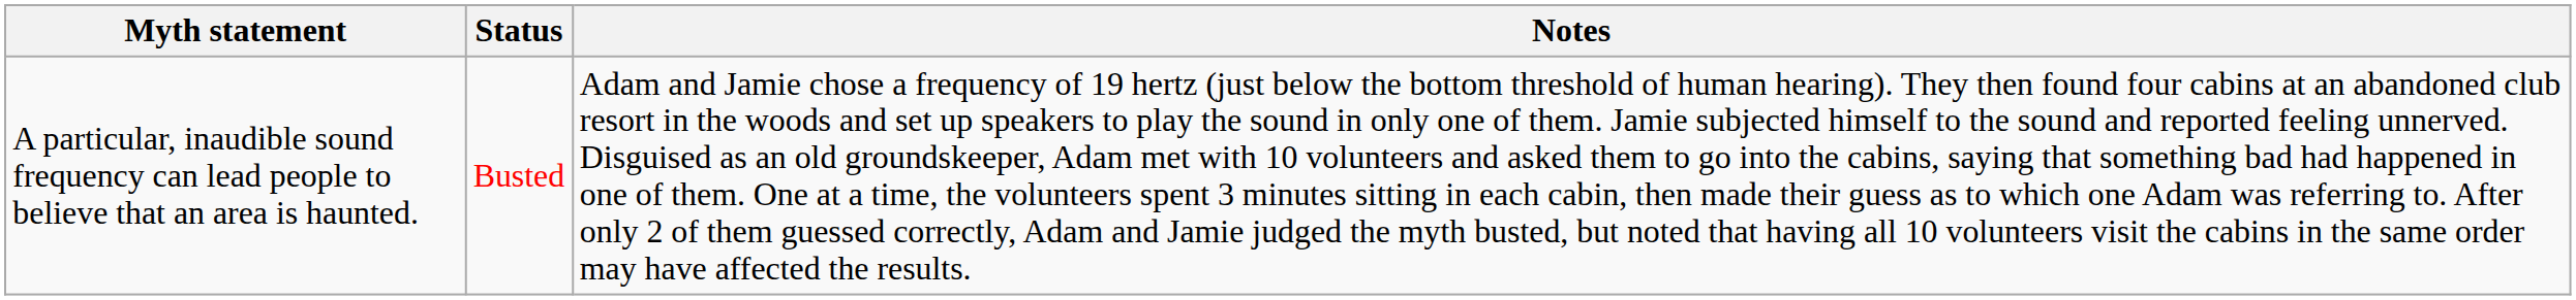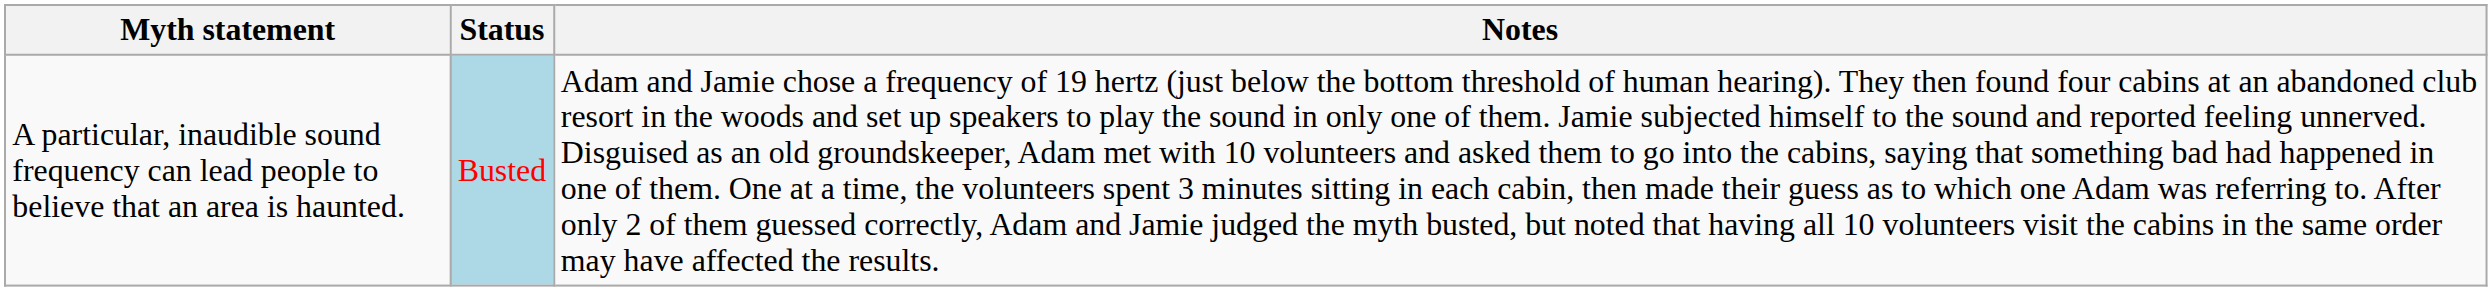 <table class="wikitable plainrowheaders">
 <tr>
 <th>Myth statement</th>
 <th>Status</th>
 <th>Notes</th>
 </tr>
 <tr>
 <td>A particular, inaudible sound frequency can lead people to believe that an area is haunted.</td>
-<td style="color:red">Busted</td>
+<td style="background: lightblue; color:red">Busted</td>
 <td>Adam and Jamie chose a frequency of 19 hertz (just below the bottom threshold of human hearing). They then found four cabins at an abandoned club resort in the woods and set up speakers to play the sound in only one of them. Jamie subjected himself to the sound and reported feeling unnerved.<br>Disguised as an old groundskeeper, Adam met with 10 volunteers and asked them to go into the cabins, saying that something bad had happened in one of them. One at a time, the volunteers spent 3 minutes sitting in each cabin, then made their guess as to which one Adam was referring to. After only 2 of them guessed correctly, Adam and Jamie judged the myth busted, but noted that having all 10 volunteers visit the cabins in the same order may have affected the results.</td>
 </tr>
 </table>
